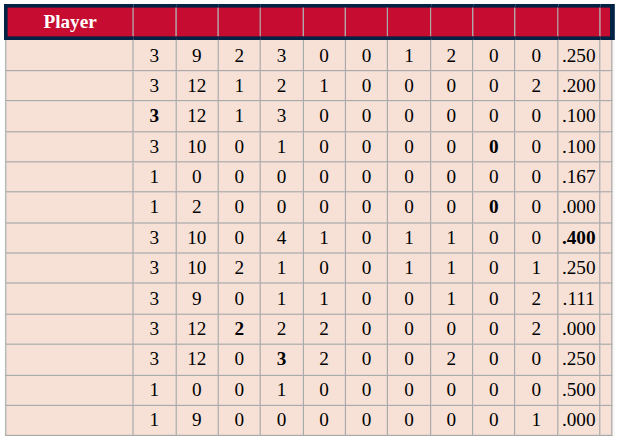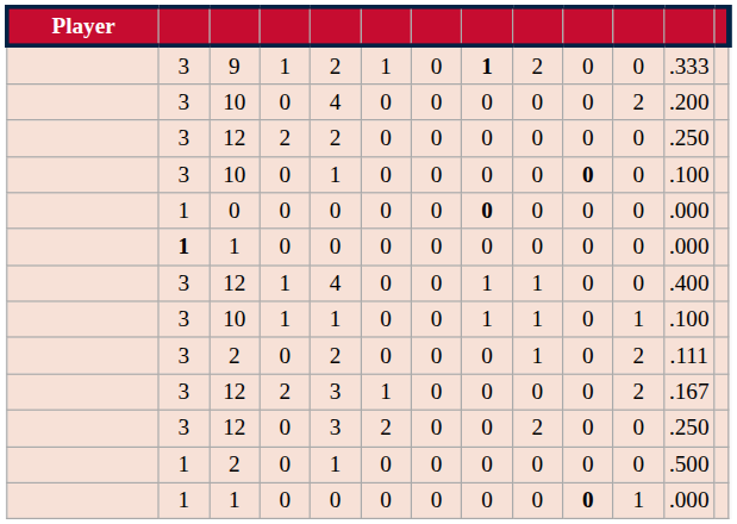 <table class="wikitable sortable">
 <tr>
 <th style="background:#c60c30; width:21%; color:#fff; border-top: 3px solid #024; border-bottom: 3px solid #024; border-left: 3px solid #024;">Player</th>
 <th style="background:#c60c30; width:7%; color:#fff; border-top: 3px solid #024; border-bottom: 3px solid #024;"></th>
 <th style="background:#c60c30; width:7%; color:#fff; border-top: 3px solid #024; border-bottom: 3px solid #024;"></th>
 <th style="background:#c60c30; width:7%; color:#fff; border-top: 3px solid #024; border-bottom: 3px solid #024;"></th>
 <th style="background:#c60c30; width:7%; color:#fff; border-top: 3px solid #024; border-bottom: 3px solid #024;"></th>
 <th style="background:#c60c30; width:7%; color:#fff; border-top: 3px solid #024; border-bottom: 3px solid #024;"></th>
 <th style="background:#c60c30; width:7%; color:#fff; border-top: 3px solid #024; border-bottom: 3px solid #024;"></th>
 <th style="background:#c60c30; width:7%; color:#fff; border-top: 3px solid #024; border-bottom: 3px solid #024;"></th>
 <th style="background:#c60c30; width:7%; color:#fff; border-top: 3px solid #024; border-bottom: 3px solid #024;"></th>
 <th style="background:#c60c30; width:7%; color:#fff; border-top: 3px solid #024; border-bottom: 3px solid #024;"></th>
 <th style="background:#c60c30; width:7%; color:#fff; border-top: 3px solid #024; border-bottom: 3px solid #024;"></th>
 <th style="background:#c60c30; width:7%; color:#fff; border-top: 3px solid #024; border-bottom: 3px solid #024;"></th>
 <th style="background:#c60c30; width:7%; color:#fff; border-top: 3px solid #024; border-bottom: 3px solid #024; border-right: 4px solid #024;"></th>
 </tr>
 <tr style="text-align:center; background:#f7e1d7;">
 <td></td>
 <td>3</td>
 <td>9</td>
+<td>1</td>
 <td>2</td>
-<td>3</td>
+<td>1</td>
 <td>0</td>
-<td>0</td>
-<td>1</td>
+<td><strong>1</strong></td>
 <td>2</td>
 <td>0</td>
 <td>0</td>
-<td>.250</td>
+<td>.333</td>
 <td></td>
 </tr>
 <tr style="text-align:center; background:#f7e1d7;">
 <td></td>
 <td>3</td>
-<td>12</td>
-<td>1</td>
-<td>2</td>
-<td>1</td>
+<td>10</td>
+<td>0</td>
+<td>4</td>
+<td>0</td>
 <td>0</td>
 <td>0</td>
 <td>0</td>
 <td>0</td>
 <td>2</td>
 <td>.200</td>
 <td></td>
 </tr>
 <tr style="text-align:center; background:#f7e1d7;">
 <td></td>
-<td><strong>3</strong></td>
+<td>3</td>
 <td>12</td>
-<td>1</td>
-<td>3</td>
+<td>2</td>
+<td>2</td>
 <td>0</td>
 <td>0</td>
 <td>0</td>
 <td>0</td>
 <td>0</td>
 <td>0</td>
-<td>.100</td>
+<td>.250</td>
 <td></td>
 </tr>
 <tr style="text-align:center; background:#f7e1d7;">
 <td></td>
 <td>3</td>
 <td>10</td>
 <td>0</td>
 <td>1</td>
 <td>0</td>
 <td>0</td>
 <td>0</td>
 <td>0</td>
 <td><strong>0</strong></td>
 <td>0</td>
 <td>.100</td>
 <td></td>
 </tr>
 <tr style="text-align:center; background:#f7e1d7;">
 <td></td>
 <td>1</td>
 <td>0</td>
 <td>0</td>
 <td>0</td>
 <td>0</td>
 <td>0</td>
+<td><strong>0</strong></td>
 <td>0</td>
 <td>0</td>
 <td>0</td>
-<td>0</td>
-<td>.167</td>
+<td>.000</td>
 <td></td>
 </tr>
 <tr style="text-align:center; background:#f7e1d7;">
 <td></td>
+<td><strong>1</strong></td>
 <td>1</td>
-<td>2</td>
 <td>0</td>
 <td>0</td>
 <td>0</td>
 <td>0</td>
 <td>0</td>
 <td>0</td>
-<td><strong>0</strong></td>
+<td>0</td>
 <td>0</td>
 <td>.000</td>
 <td></td>
 </tr>
 <tr style="text-align:center; background:#f7e1d7;">
 <td></td>
 <td>3</td>
-<td>10</td>
+<td>12</td>
+<td>1</td>
+<td>4</td>
 <td>0</td>
-<td>4</td>
-<td>1</td>
 <td>0</td>
 <td>1</td>
 <td>1</td>
 <td>0</td>
 <td>0</td>
-<td><strong>.400</strong></td>
+<td>.400</td>
 <td></td>
 </tr>
 <tr style="text-align:center; background:#f7e1d7;">
 <td></td>
 <td>3</td>
 <td>10</td>
-<td>2</td>
+<td>1</td>
 <td>1</td>
 <td>0</td>
 <td>0</td>
 <td>1</td>
 <td>1</td>
 <td>0</td>
 <td>1</td>
-<td>.250</td>
+<td>.100</td>
 <td></td>
 </tr>
 <tr style="text-align:center; background:#f7e1d7;">
 <td></td>
 <td>3</td>
-<td>9</td>
+<td>2</td>
 <td>0</td>
-<td>1</td>
-<td>1</td>
+<td>2</td>
+<td>0</td>
 <td>0</td>
 <td>0</td>
 <td>1</td>
 <td>0</td>
 <td>2</td>
 <td>.111</td>
 <td></td>
 </tr>
 <tr style="text-align:center; background:#f7e1d7;">
 <td></td>
 <td>3</td>
 <td>12</td>
-<td><strong>2</strong></td>
 <td>2</td>
-<td>2</td>
+<td>3</td>
+<td>1</td>
 <td>0</td>
 <td>0</td>
 <td>0</td>
 <td>0</td>
 <td>2</td>
-<td>.000</td>
+<td>.167</td>
 <td></td>
 </tr>
 <tr style="text-align:center; background:#f7e1d7;">
 <td></td>
 <td>3</td>
 <td>12</td>
 <td>0</td>
-<td><strong>3</strong></td>
+<td>3</td>
 <td>2</td>
 <td>0</td>
 <td>0</td>
 <td>2</td>
 <td>0</td>
 <td>0</td>
 <td>.250</td>
 <td></td>
 </tr>
 <tr style="text-align:center; background:#f7e1d7;">
 <td></td>
 <td>1</td>
-<td>0</td>
+<td>2</td>
 <td>0</td>
 <td>1</td>
 <td>0</td>
 <td>0</td>
 <td>0</td>
 <td>0</td>
 <td>0</td>
 <td>0</td>
 <td>.500</td>
 <td></td>
 </tr>
 <tr style="text-align:center; background:#f7e1d7;">
 <td></td>
 <td>1</td>
-<td>9</td>
+<td>1</td>
 <td>0</td>
 <td>0</td>
 <td>0</td>
 <td>0</td>
 <td>0</td>
 <td>0</td>
-<td>0</td>
+<td><strong>0</strong></td>
 <td>1</td>
 <td>.000</td>
 <td></td>
 </tr>
 </table>
